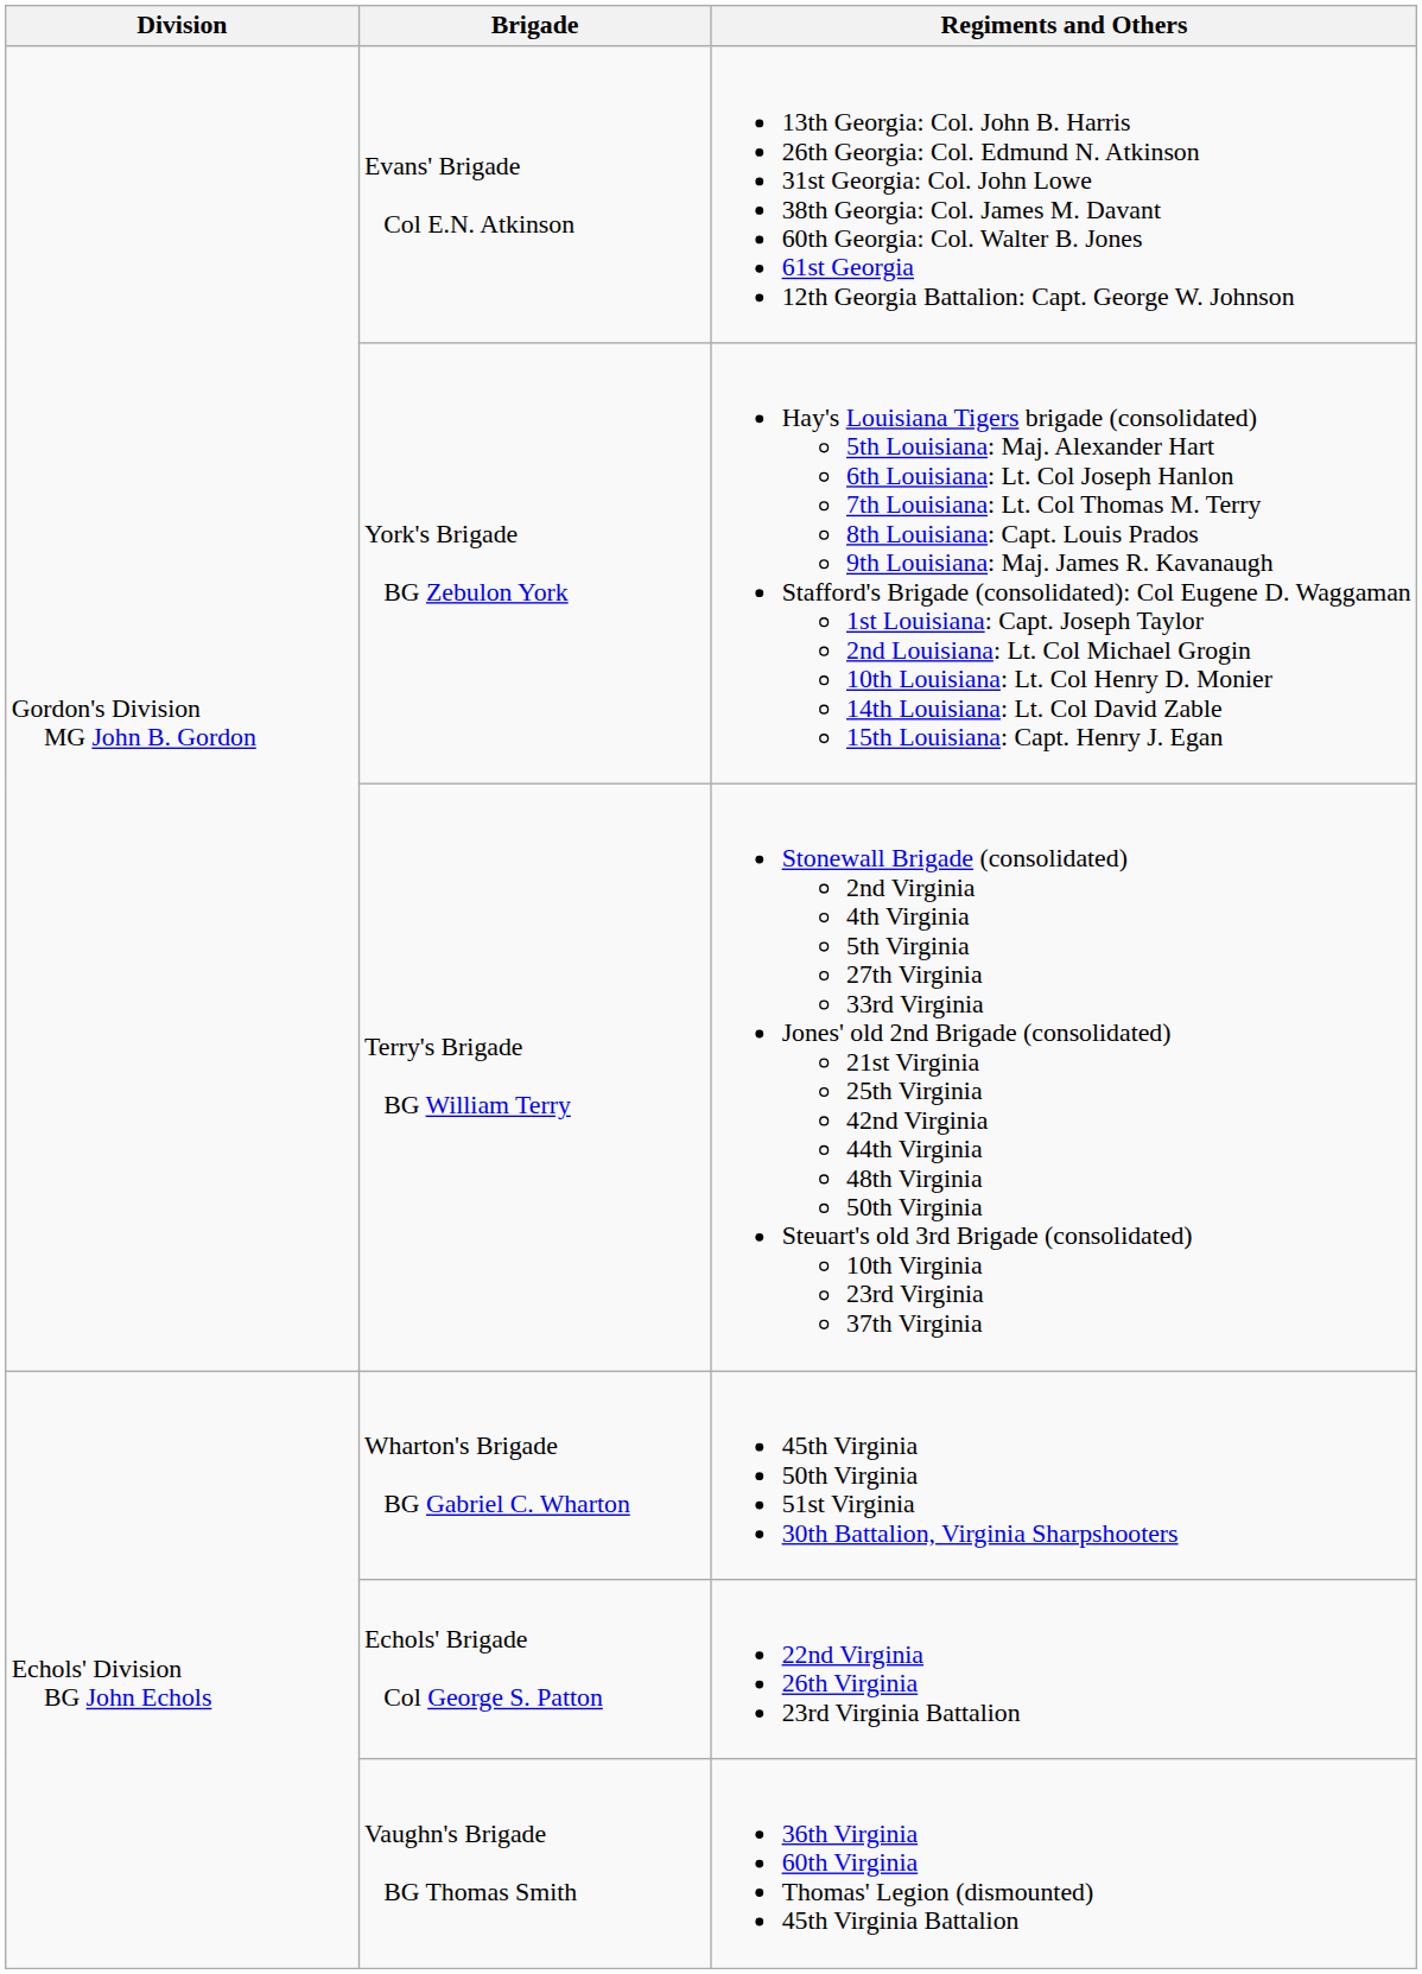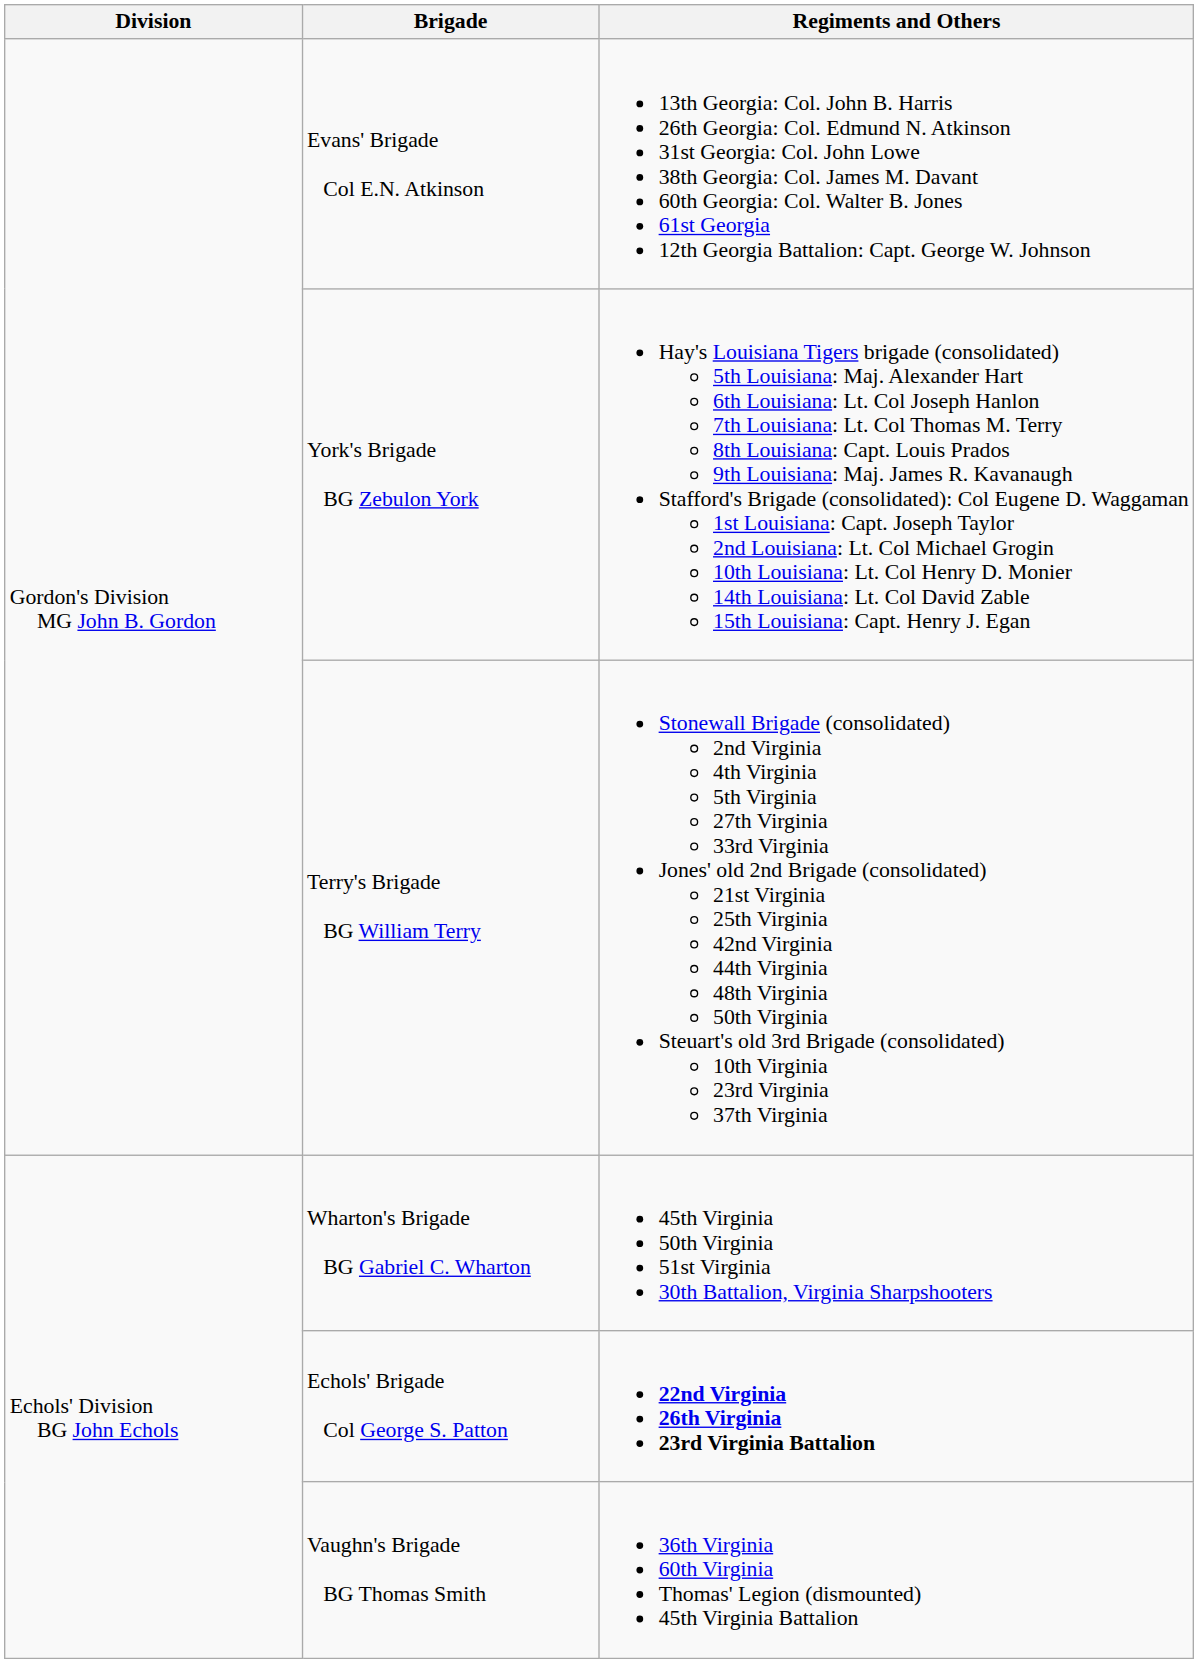 <table class="wikitable">
 <tr>
 <th width=25%>Division</th>
 <th width=25%>Brigade</th>
 <th>Regiments and Others</th>
 </tr>
 <tr>
 <td rowspan=3><br>Gordon's Division <br>     MG <a href='#'>John B. Gordon</a></td>
 <td>Evans' Brigade<br><br>   Col E.N. Atkinson</td>
 <td><br><ul><li>13th Georgia: Col. John B. Harris</li><li>26th Georgia: Col. Edmund N. Atkinson</li><li>31st Georgia: Col. John Lowe</li><li>38th Georgia: Col. James M. Davant</li><li>60th Georgia: Col. Walter B. Jones</li><li><a href='#'>61st Georgia</a></li><li>12th Georgia Battalion: Capt. George W. Johnson</li></ul></td>
 </tr>
 <tr>
 <td>York's Brigade<br><br>   BG <a href='#'>Zebulon York</a></td>
 <td><br><ul><li>Hay's <a href='#'>Louisiana Tigers</a> brigade (consolidated)<ul><li><a href='#'>5th Louisiana</a>: Maj. Alexander Hart</li><li><a href='#'>6th Louisiana</a>: Lt. Col Joseph Hanlon</li><li><a href='#'>7th Louisiana</a>: Lt. Col Thomas M. Terry</li><li><a href='#'>8th Louisiana</a>: Capt. Louis Prados</li><li><a href='#'>9th Louisiana</a>: Maj. James R. Kavanaugh</li></ul></li><li>Stafford's Brigade (consolidated): Col Eugene D. Waggaman<ul><li><a href='#'>1st Louisiana</a>: Capt. Joseph Taylor</li><li><a href='#'>2nd Louisiana</a>: Lt. Col Michael Grogin</li><li><a href='#'>10th Louisiana</a>: Lt. Col Henry D. Monier</li><li><a href='#'>14th Louisiana</a>: Lt. Col David Zable</li><li><a href='#'>15th Louisiana</a>: Capt. Henry J. Egan</li></ul></li></ul></td>
 </tr>
 <tr>
 <td>Terry's Brigade<br><br>   BG <a href='#'>William Terry</a></td>
 <td><br><ul><li><a href='#'>Stonewall Brigade</a> (consolidated)<ul><li>2nd Virginia</li><li>4th Virginia</li><li>5th Virginia</li><li>27th Virginia</li><li>33rd Virginia</li></ul></li><li>Jones' old 2nd Brigade (consolidated)<ul><li>21st Virginia</li><li>25th Virginia</li><li>42nd Virginia</li><li>44th Virginia</li><li>48th Virginia</li><li>50th Virginia</li></ul></li><li>Steuart's old 3rd Brigade (consolidated)<ul><li>10th Virginia</li><li>23rd Virginia</li><li>37th Virginia</li></ul></li></ul></td>
 </tr>
 <tr>
 <td rowspan=3><br>Echols' Division <br>     BG <a href='#'>John Echols</a></td>
 <td>Wharton's Brigade<br><br>   BG <a href='#'>Gabriel C. Wharton</a></td>
 <td><br><ul><li>45th Virginia</li><li>50th Virginia</li><li>51st Virginia</li><li><a href='#'>30th Battalion, Virginia Sharpshooters</a></li></ul></td>
 </tr>
 <tr>
 <td>Echols' Brigade<br><br>   Col <a href='#'>George S. Patton</a></td>
-<td><br><ul><li><a href='#'>22nd Virginia</a></li><li><a href='#'>26th Virginia</a></li><li>23rd Virginia Battalion</li></ul></td>
+<td><strong><br><ul><li><a href='#'>22nd Virginia</a></li><li><a href='#'>26th Virginia</a></li><li>23rd Virginia Battalion</li></ul></strong></td>
 </tr>
 <tr>
 <td>Vaughn's Brigade<br><br>   BG Thomas Smith</td>
 <td><br><ul><li><a href='#'>36th Virginia</a></li><li><a href='#'>60th Virginia</a></li><li>Thomas' Legion (dismounted)</li><li>45th Virginia Battalion</li></ul></td>
 </tr>
 </table>
